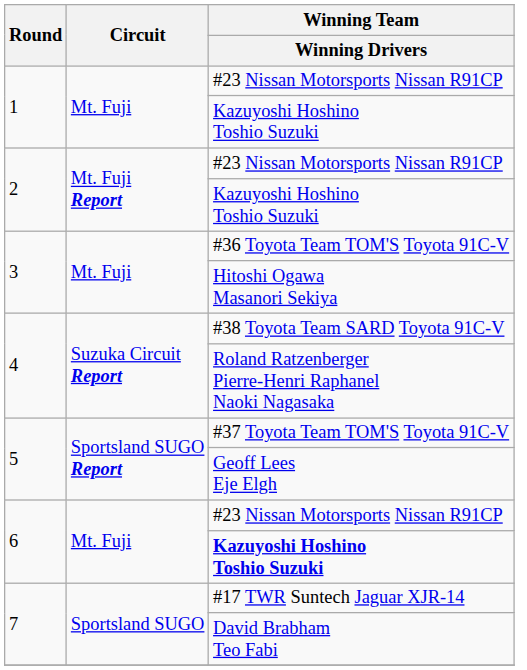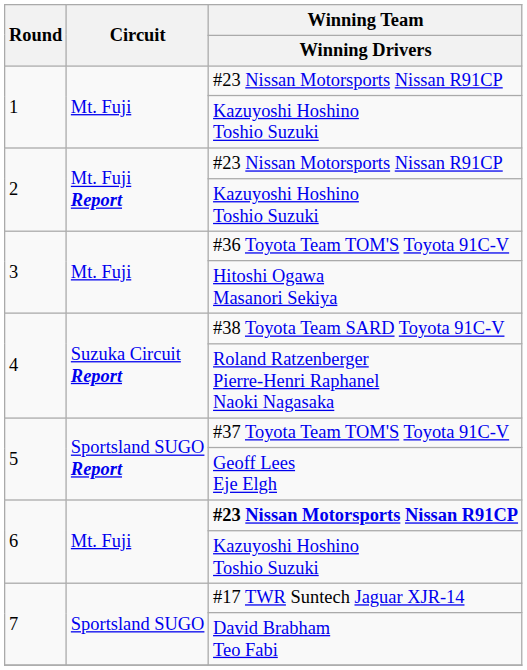 <table class="wikitable" style="font-size: 90%;">
 <tr>
 <th rowspan=2>Round</th>
 <th rowspan=2>Circuit</th>
 <th>Winning Team</th>
 </tr>
 <tr>
 <th>Winning Drivers</th>
 </tr>
 <tr>
 <td rowspan=2>1</td>
 <td rowspan=2><a href='#'>Mt. Fuji</a></td>
 <td>#23 <a href='#'>Nissan Motorsports</a> <a href='#'>Nissan R91CP</a></td>
 </tr>
 <tr>
 <td> <a href='#'>Kazuyoshi Hoshino</a><br> <a href='#'>Toshio Suzuki</a></td>
 </tr>
 <tr>
 <td rowspan=2>2</td>
 <td rowspan=2><a href='#'>Mt. Fuji</a><br><strong><em><a href='#'>Report</a></em></strong></td>
 <td>#23 <a href='#'>Nissan Motorsports</a> <a href='#'>Nissan R91CP</a></td>
 </tr>
 <tr>
 <td> <a href='#'>Kazuyoshi Hoshino</a><br> <a href='#'>Toshio Suzuki</a></td>
 </tr>
 <tr>
 <td rowspan=2>3</td>
 <td rowspan=2><a href='#'>Mt. Fuji</a></td>
 <td>#36 <a href='#'>Toyota Team TOM'S</a> <a href='#'>Toyota 91C-V</a></td>
 </tr>
 <tr>
 <td> <a href='#'>Hitoshi Ogawa</a><br> <a href='#'>Masanori Sekiya</a></td>
 </tr>
 <tr>
 <td rowspan=2>4</td>
 <td rowspan=2><a href='#'>Suzuka Circuit</a><br><strong><em><a href='#'>Report</a></em></strong></td>
 <td>#38 <a href='#'>Toyota Team SARD</a> <a href='#'>Toyota 91C-V</a></td>
 </tr>
 <tr>
 <td> <a href='#'>Roland Ratzenberger</a><br> <a href='#'>Pierre-Henri Raphanel</a><br> <a href='#'>Naoki Nagasaka</a></td>
 </tr>
 <tr>
 <td rowspan=2>5</td>
 <td rowspan=2><a href='#'>Sportsland SUGO</a><br><strong><em><a href='#'>Report</a></em></strong></td>
 <td>#37 <a href='#'>Toyota Team TOM'S</a> <a href='#'>Toyota 91C-V</a></td>
 </tr>
 <tr>
 <td> <a href='#'>Geoff Lees</a><br> <a href='#'>Eje Elgh</a></td>
 </tr>
 <tr>
 <td rowspan=2>6</td>
 <td rowspan=2><a href='#'>Mt. Fuji</a></td>
-<td>#23 <a href='#'>Nissan Motorsports</a> <a href='#'>Nissan R91CP</a></td>
+<td><strong>#23 <a href='#'>Nissan Motorsports</a> <a href='#'>Nissan R91CP</a></strong></td>
 </tr>
 <tr>
-<td><strong> <a href='#'>Kazuyoshi Hoshino</a><br> <a href='#'>Toshio Suzuki</a></strong></td>
+<td> <a href='#'>Kazuyoshi Hoshino</a><br> <a href='#'>Toshio Suzuki</a></td>
 </tr>
 <tr>
 <td rowspan=2>7</td>
 <td rowspan=2><a href='#'>Sportsland SUGO</a></td>
 <td>#17 <a href='#'>TWR</a> Suntech <a href='#'>Jaguar XJR-14</a></td>
 </tr>
 <tr>
 <td> <a href='#'>David Brabham</a><br> <a href='#'>Teo Fabi</a></td>
 </tr>
 <tr>
 </tr>
 </table>
